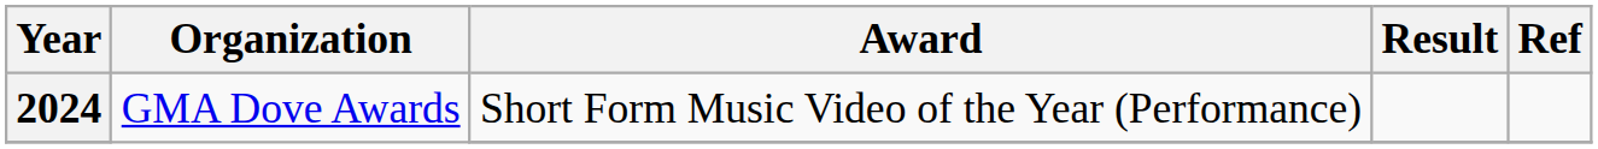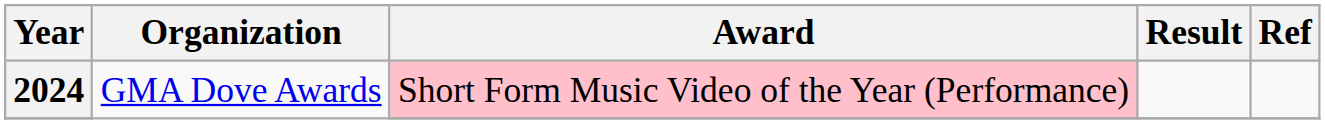 <table class="wikitable plainrowheaders">
 <tr>
 <th>Year</th>
 <th>Organization</th>
 <th>Award</th>
 <th>Result</th>
 <th style="text-align:center">Ref</th>
 </tr>
 <tr>
 <th scope="row">2024</th>
 <td rowspan="2"><a href='#'>GMA Dove Awards</a></td>
-<td>Short Form Music Video of the Year (Performance)</td>
+<td style="background: pink;">Short Form Music Video of the Year (Performance)</td>
 <td></td>
 <td></td>
 </tr>
 <tr>
 </tr>
 </table>
